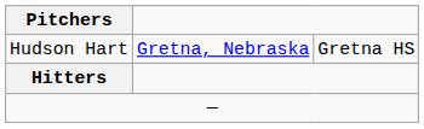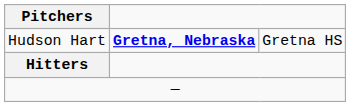 <table class="wikitable">
 <tr>
 <th>Pitchers</th>
 </tr>
 <tr>
 <td>Hudson Hart</td>
-<td><a href='#'>Gretna, Nebraska</a></td>
+<td><strong><a href='#'>Gretna, Nebraska</a></strong></td>
 <td>Gretna HS</td>
 </tr>
 <tr>
 <th>Hitters</th>
 </tr>
 <tr>
 <td colspan=3 align=center>—</td>
 </tr>
 </table>
